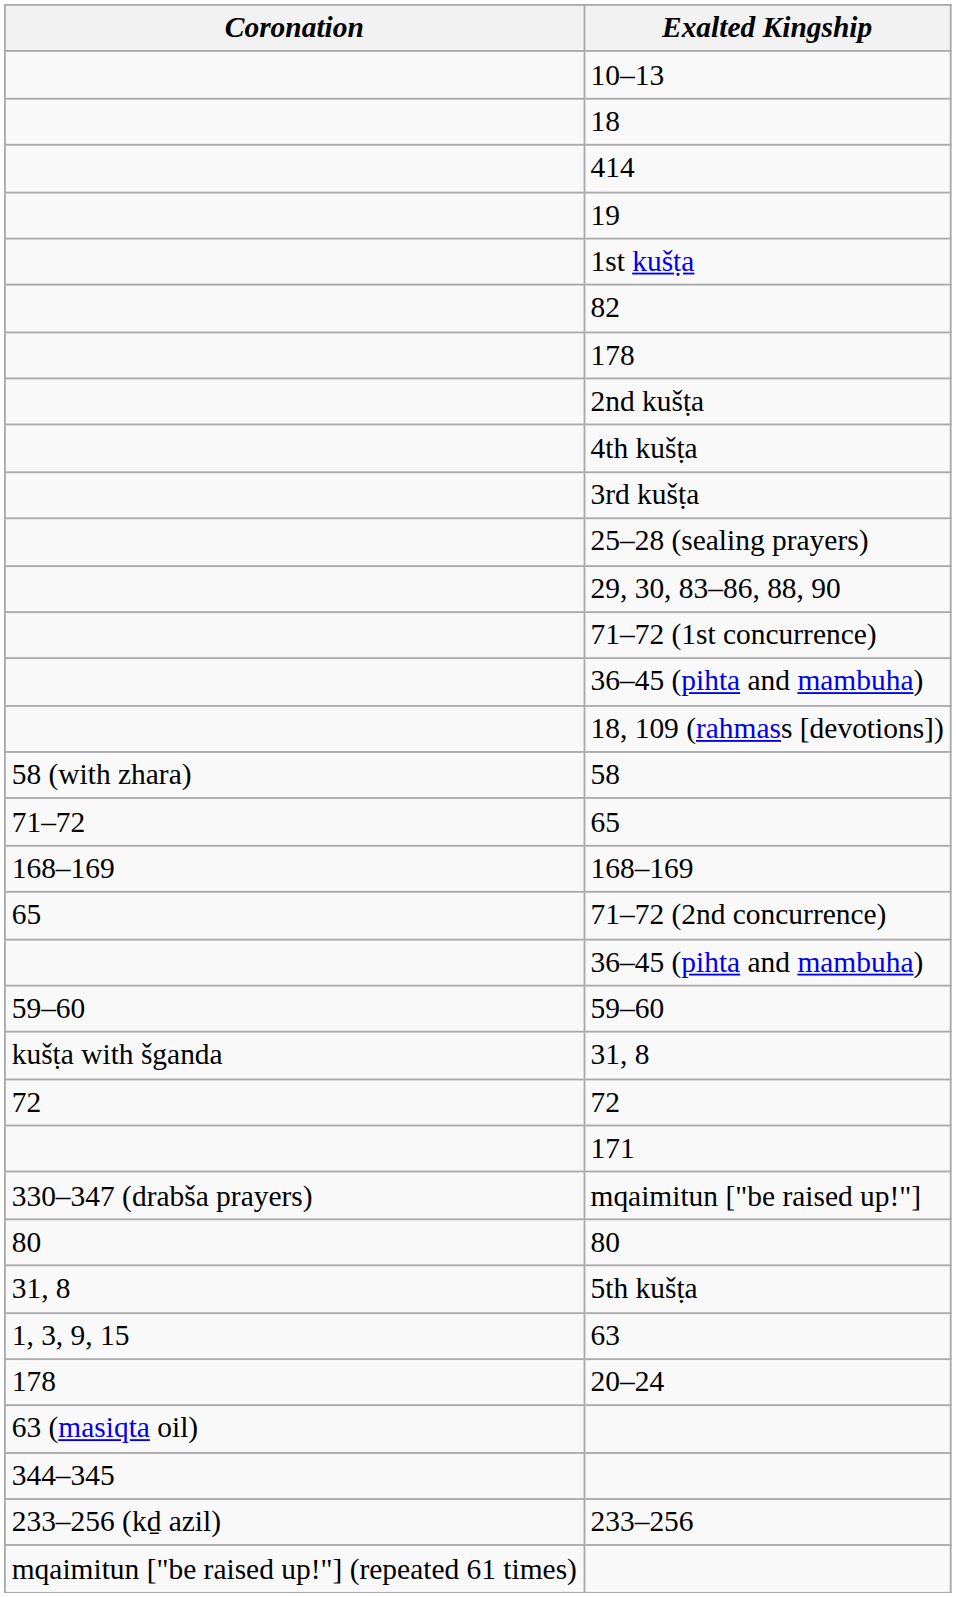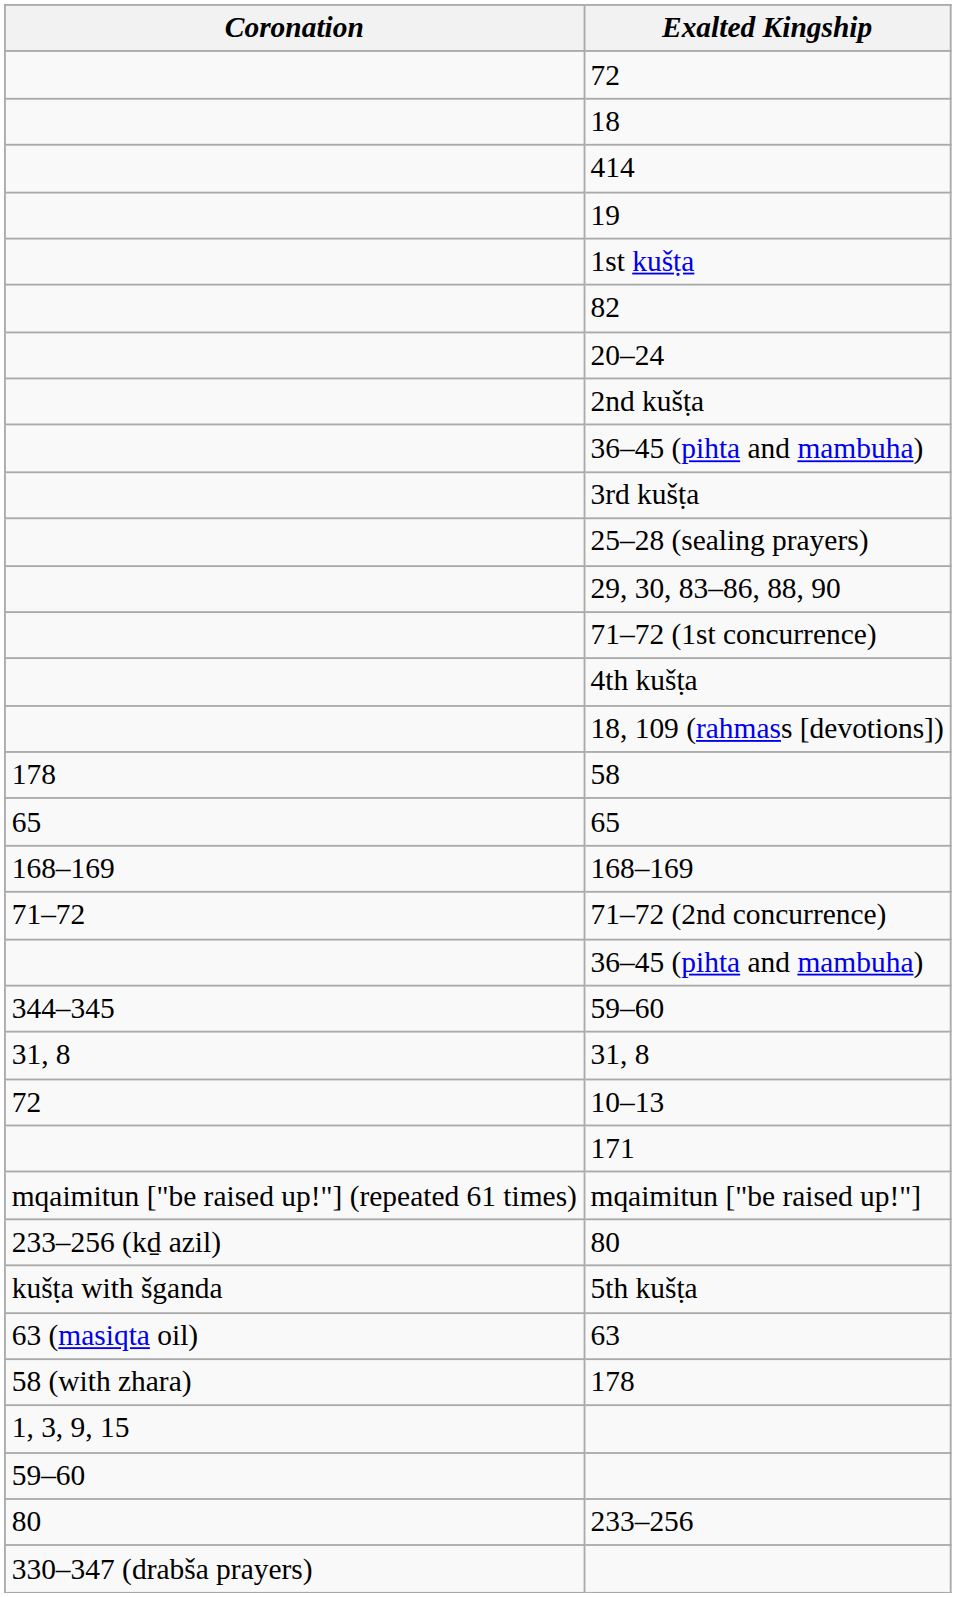 <table class="wikitable">
 <tr>
 <th><em>Coronation</em></th>
 <th><em>Exalted Kingship</em></th>
 </tr>
 <tr>
 <td></td>
-<td>10–13</td>
+<td>72</td>
 </tr>
 <tr>
 <td></td>
 <td>18</td>
 </tr>
 <tr>
 <td></td>
 <td>414</td>
 </tr>
 <tr>
 <td></td>
 <td>19</td>
 </tr>
 <tr>
 <td></td>
 <td>1st <a href='#'>kušṭa</a></td>
 </tr>
 <tr>
 <td></td>
 <td>82</td>
 </tr>
 <tr>
 <td></td>
-<td>178</td>
+<td>20–24</td>
 </tr>
 <tr>
 <td></td>
 <td>2nd kušṭa</td>
 </tr>
 <tr>
 <td></td>
-<td>4th kušṭa</td>
+<td>36–45 (<a href='#'>pihta</a> and <a href='#'>mambuha</a>)</td>
 </tr>
 <tr>
 <td></td>
 <td>3rd kušṭa</td>
 </tr>
 <tr>
 <td></td>
 <td>25–28 (sealing prayers)</td>
 </tr>
 <tr>
 <td></td>
 <td>29, 30, 83–86, 88, 90</td>
 </tr>
 <tr>
 <td></td>
 <td>71–72 (1st concurrence)</td>
 </tr>
 <tr>
 <td></td>
-<td>36–45 (<a href='#'>pihta</a> and <a href='#'>mambuha</a>)</td>
+<td>4th kušṭa</td>
 </tr>
 <tr>
 <td></td>
 <td>18, 109 (<a href='#'>rahmas</a>s [devotions])</td>
 </tr>
 <tr>
-<td>58 (with zhara)</td>
+<td>178</td>
 <td>58</td>
 </tr>
 <tr>
-<td>71–72</td>
+<td>65</td>
 <td>65</td>
 </tr>
 <tr>
 <td>168–169</td>
 <td>168–169</td>
 </tr>
 <tr>
-<td>65</td>
+<td>71–72</td>
 <td>71–72 (2nd concurrence)</td>
 </tr>
 <tr>
 <td></td>
 <td>36–45 (<a href='#'>pihta</a> and <a href='#'>mambuha</a>)</td>
 </tr>
 <tr>
-<td>59–60</td>
+<td>344–345</td>
 <td>59–60</td>
 </tr>
 <tr>
-<td>kušṭa with šganda</td>
+<td>31, 8</td>
 <td>31, 8</td>
 </tr>
 <tr>
 <td>72</td>
-<td>72</td>
+<td>10–13</td>
 </tr>
 <tr>
 <td></td>
 <td>171</td>
 </tr>
 <tr>
-<td>330–347 (drabša prayers)</td>
+<td>mqaimitun ["be raised up!"] (repeated 61 times)</td>
 <td>mqaimitun ["be raised up!"]</td>
 </tr>
 <tr>
-<td>80</td>
+<td>233–256 (kḏ azil)</td>
 <td>80</td>
 </tr>
 <tr>
-<td>31, 8</td>
+<td>kušṭa with šganda</td>
 <td>5th kušṭa</td>
 </tr>
 <tr>
-<td>1, 3, 9, 15</td>
+<td>63 (<a href='#'>masiqta</a> oil)</td>
 <td>63</td>
 </tr>
 <tr>
+<td>58 (with zhara)</td>
 <td>178</td>
-<td>20–24</td>
 </tr>
 <tr>
-<td>63 (<a href='#'>masiqta</a> oil)</td>
+<td>1, 3, 9, 15</td>
 <td></td>
 </tr>
 <tr>
-<td>344–345</td>
+<td>59–60</td>
 <td></td>
 </tr>
 <tr>
-<td>233–256 (kḏ azil)</td>
+<td>80</td>
 <td>233–256</td>
 </tr>
 <tr>
-<td>mqaimitun ["be raised up!"] (repeated 61 times)</td>
+<td>330–347 (drabša prayers)</td>
 <td></td>
 </tr>
 </table>
